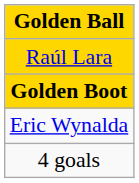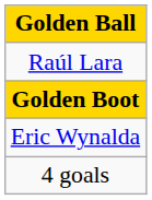 <table class="wikitable" style="text-align:center">
 <tr>
 <th scope=col style="background-color: gold">Golden Ball</th>
 </tr>
 <tr>
-<td style="background: gold;"> <a href='#'>Raúl Lara</a></td>
+<td> <a href='#'>Raúl Lara</a></td>
 </tr>
 <tr>
 <th scope=col style="background-color: gold">Golden Boot</th>
 </tr>
 <tr>
 <td> <a href='#'>Eric Wynalda</a></td>
 </tr>
 <tr>
 <td>4 goals</td>
 </tr>
 </table>
